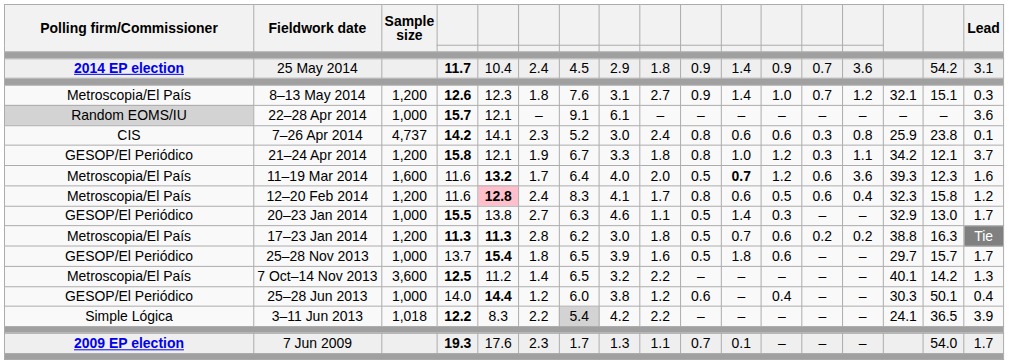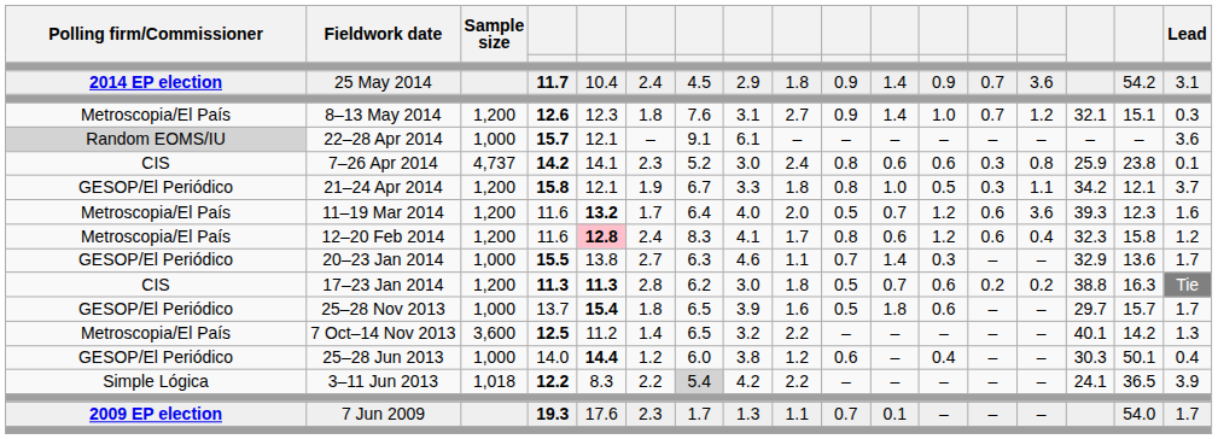 <table class="wikitable collapsible collapsed" style="text-align:center; font-size:90%; line-height:14px;">
 <tr style="height:42px;">
 <th style="width:250px;" rowspan="2">Polling firm/Commissioner</th>
 <th style="width:125px;" rowspan="2">Fieldwork date</th>
 <th style="width:50px;" rowspan="2">Sample size</th>
 <th style="width:35px;"></th>
 <th style="width:35px;"></th>
 <th style="width:35px;"></th>
 <th style="width:35px;"></th>
 <th style="width:35px;"></th>
 <th style="width:35px;"></th>
 <th style="width:35px;"></th>
 <th style="width:35px;"></th>
 <th style="width:35px;"></th>
 <th style="width:35px;"></th>
 <th style="width:35px;"></th>
 <th style="width:35px;" rowspan="2"></th>
 <th style="width:35px;" rowspan="2"></th>
 <th style="width:30px;" rowspan="2">Lead</th>
 </tr>
 <tr>
 <th style="color:inherit;background:"></th>
 <th style="color:inherit;background:"></th>
 <th style="color:inherit;background:"></th>
 <th style="color:inherit;background:"></th>
 <th style="color:inherit;background:"></th>
 <th style="color:inherit;background:"></th>
 <th style="color:inherit;background:"></th>
 <th style="color:inherit;background:"></th>
 <th style="color:inherit;background:"></th>
 <th style="color:inherit;background:"></th>
 <th style="color:inherit;background:"></th>
 </tr>
 <tr>
 <td colspan="17" style="background:#A0A0A0"></td>
 </tr>
 <tr style="background:#EFEFEF;">
 <td><strong><a href='#'>2014 EP election</a></strong></td>
 <td>25 May 2014</td>
 <td></td>
 <td><strong>11.7</strong></td>
 <td>10.4</td>
 <td>2.4</td>
 <td>4.5</td>
 <td>2.9</td>
 <td>1.8</td>
 <td>0.9</td>
 <td>1.4</td>
 <td>0.9</td>
 <td>0.7</td>
 <td>3.6</td>
 <td></td>
 <td>54.2</td>
 <td style="background:">3.1</td>
 </tr>
 <tr>
 <td colspan="17" style="background:#A0A0A0"></td>
 </tr>
 <tr>
 <td>Metroscopia/El País</td>
 <td>8–13 May 2014</td>
 <td>1,200</td>
 <td><strong>12.6</strong></td>
 <td>12.3</td>
 <td>1.8</td>
 <td>7.6</td>
 <td>3.1</td>
 <td>2.7</td>
 <td>0.9</td>
 <td>1.4</td>
 <td>1.0</td>
 <td>0.7</td>
 <td>1.2</td>
 <td>32.1</td>
 <td>15.1</td>
 <td style="background:">0.3</td>
 </tr>
 <tr>
 <td style="background: lightgrey;">Random EOMS/IU</td>
 <td>22–28 Apr 2014</td>
 <td>1,000</td>
 <td><strong>15.7</strong></td>
 <td>12.1</td>
 <td>–</td>
 <td>9.1</td>
 <td>6.1</td>
 <td>–</td>
 <td>–</td>
 <td>–</td>
 <td>–</td>
 <td>–</td>
 <td>–</td>
 <td>–</td>
 <td>–</td>
 <td style="background:">3.6</td>
 </tr>
 <tr>
 <td>CIS</td>
 <td>7–26 Apr 2014</td>
 <td>4,737</td>
 <td><strong>14.2</strong></td>
 <td>14.1</td>
 <td>2.3</td>
 <td>5.2</td>
 <td>3.0</td>
 <td>2.4</td>
 <td>0.8</td>
 <td>0.6</td>
 <td>0.6</td>
 <td>0.3</td>
 <td>0.8</td>
 <td>25.9</td>
 <td>23.8</td>
 <td style="background:">0.1</td>
 </tr>
 <tr>
 <td>GESOP/El Periódico</td>
 <td>21–24 Apr 2014</td>
 <td>1,200</td>
 <td><strong>15.8</strong></td>
 <td>12.1</td>
 <td>1.9</td>
 <td>6.7</td>
 <td>3.3</td>
 <td>1.8</td>
 <td>0.8</td>
 <td>1.0</td>
-<td>1.2</td>
+<td>0.5</td>
 <td>0.3</td>
 <td>1.1</td>
 <td>34.2</td>
 <td>12.1</td>
 <td style="background:">3.7</td>
 </tr>
 <tr>
 <td>Metroscopia/El País</td>
 <td>11–19 Mar 2014</td>
-<td>1,600</td>
+<td>1,200</td>
 <td>11.6</td>
 <td><strong>13.2</strong></td>
 <td>1.7</td>
 <td>6.4</td>
 <td>4.0</td>
 <td>2.0</td>
 <td>0.5</td>
-<td><strong>0.7</strong></td>
+<td>0.7</td>
 <td>1.2</td>
 <td>0.6</td>
 <td>3.6</td>
 <td>39.3</td>
 <td>12.3</td>
 <td style="background:">1.6</td>
 </tr>
 <tr>
 <td>Metroscopia/El País</td>
 <td>12–20 Feb 2014</td>
 <td>1,200</td>
 <td>11.6</td>
 <td style="background: pink;"><strong>12.8</strong></td>
 <td>2.4</td>
 <td>8.3</td>
 <td>4.1</td>
 <td>1.7</td>
 <td>0.8</td>
 <td>0.6</td>
-<td>0.5</td>
+<td>1.2</td>
 <td>0.6</td>
 <td>0.4</td>
 <td>32.3</td>
 <td>15.8</td>
 <td style="background:">1.2</td>
 </tr>
 <tr>
 <td>GESOP/El Periódico</td>
 <td>20–23 Jan 2014</td>
 <td>1,000</td>
 <td><strong>15.5</strong></td>
 <td>13.8</td>
 <td>2.7</td>
 <td>6.3</td>
 <td>4.6</td>
 <td>1.1</td>
-<td>0.5</td>
+<td>0.7</td>
 <td>1.4</td>
 <td>0.3</td>
 <td>–</td>
 <td>–</td>
 <td>32.9</td>
-<td>13.0</td>
+<td>13.6</td>
 <td style="background:">1.7</td>
 </tr>
 <tr>
-<td>Metroscopia/El País</td>
+<td>CIS</td>
 <td>17–23 Jan 2014</td>
 <td>1,200</td>
 <td><strong>11.3</strong></td>
 <td><strong>11.3</strong></td>
 <td>2.8</td>
 <td>6.2</td>
 <td>3.0</td>
 <td>1.8</td>
 <td>0.5</td>
 <td>0.7</td>
 <td>0.6</td>
 <td>0.2</td>
 <td>0.2</td>
 <td>38.8</td>
 <td>16.3</td>
 <td style="background:gray; color:white;">Tie</td>
 </tr>
 <tr>
 <td>GESOP/El Periódico</td>
 <td>25–28 Nov 2013</td>
 <td>1,000</td>
 <td>13.7</td>
 <td><strong>15.4</strong></td>
 <td>1.8</td>
 <td>6.5</td>
 <td>3.9</td>
 <td>1.6</td>
 <td>0.5</td>
 <td>1.8</td>
 <td>0.6</td>
 <td>–</td>
 <td>–</td>
 <td>29.7</td>
 <td>15.7</td>
 <td style="background:">1.7</td>
 </tr>
 <tr>
 <td>Metroscopia/El País</td>
 <td>7 Oct–14 Nov 2013</td>
 <td>3,600</td>
 <td><strong>12.5</strong></td>
 <td>11.2</td>
 <td>1.4</td>
 <td>6.5</td>
 <td>3.2</td>
 <td>2.2</td>
 <td>–</td>
 <td>–</td>
 <td>–</td>
 <td>–</td>
 <td>–</td>
 <td>40.1</td>
 <td>14.2</td>
 <td style="background:">1.3</td>
 </tr>
 <tr>
 <td>GESOP/El Periódico</td>
 <td>25–28 Jun 2013</td>
 <td>1,000</td>
 <td>14.0</td>
 <td><strong>14.4</strong></td>
 <td>1.2</td>
 <td>6.0</td>
 <td>3.8</td>
 <td>1.2</td>
 <td>0.6</td>
 <td>–</td>
 <td>0.4</td>
 <td>–</td>
 <td>–</td>
 <td>30.3</td>
 <td>50.1</td>
 <td style="background:">0.4</td>
 </tr>
 <tr>
 <td>Simple Lógica</td>
 <td>3–11 Jun 2013</td>
 <td>1,018</td>
 <td><strong>12.2</strong></td>
 <td>8.3</td>
 <td>2.2</td>
 <td style="background: lightgrey;">5.4</td>
 <td>4.2</td>
 <td>2.2</td>
 <td>–</td>
 <td>–</td>
 <td>–</td>
 <td>–</td>
 <td>–</td>
 <td>24.1</td>
 <td>36.5</td>
 <td style="background:">3.9</td>
 </tr>
 <tr>
 <td colspan="17" style="background:#A0A0A0"></td>
 </tr>
 <tr style="background:#EFEFEF;">
 <td><strong><a href='#'>2009 EP election</a></strong></td>
 <td>7 Jun 2009</td>
 <td></td>
 <td><strong>19.3</strong></td>
 <td>17.6</td>
 <td>2.3</td>
 <td>1.7</td>
 <td>1.3</td>
 <td>1.1</td>
 <td>0.7</td>
 <td>0.1</td>
 <td>–</td>
 <td>–</td>
 <td>–</td>
 <td></td>
 <td>54.0</td>
 <td style="background:">1.7</td>
 </tr>
 <tr>
 <td colspan="17" style="background:#A0A0A0"></td>
 </tr>
 </table>
